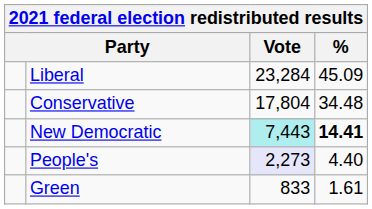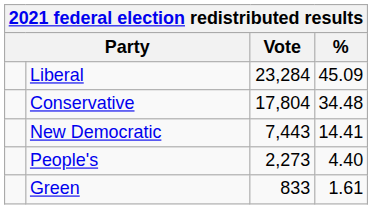 <table class="wikitable">
 <tr>
 <th colspan="4"><a href='#'>2021 federal election</a> redistributed results</th>
 </tr>
 <tr>
 <th bgcolor="#DDDDFF" width="130px" colspan="2">Party</th>
 <th bgcolor="#DDDDFF" width="50px">Vote</th>
 <th bgcolor="#DDDDFF" width="30px">%</th>
 </tr>
 <tr>
 <td> </td>
 <td><a href='#'>Liberal</a></td>
 <td align=right>23,284</td>
 <td align=right>45.09</td>
 </tr>
 <tr>
 <td> </td>
 <td><a href='#'>Conservative</a></td>
 <td align=right>17,804</td>
 <td align=right>34.48</td>
 </tr>
 <tr>
 <td> </td>
 <td><a href='#'>New Democratic</a></td>
-<td align=right style="background: paleturquoise;">7,443</td>
-<td align=right><strong>14.41</strong></td>
+<td align=right>7,443</td>
+<td align=right>14.41</td>
 </tr>
 <tr>
 <td> </td>
 <td><a href='#'>People's</a></td>
-<td align=right style="background: lavender;">2,273</td>
+<td align=right>2,273</td>
 <td align=right>4.40</td>
 </tr>
 <tr>
 <td> </td>
 <td><a href='#'>Green</a></td>
 <td align=right>833</td>
 <td align=right>1.61</td>
 </tr>
 </table>
